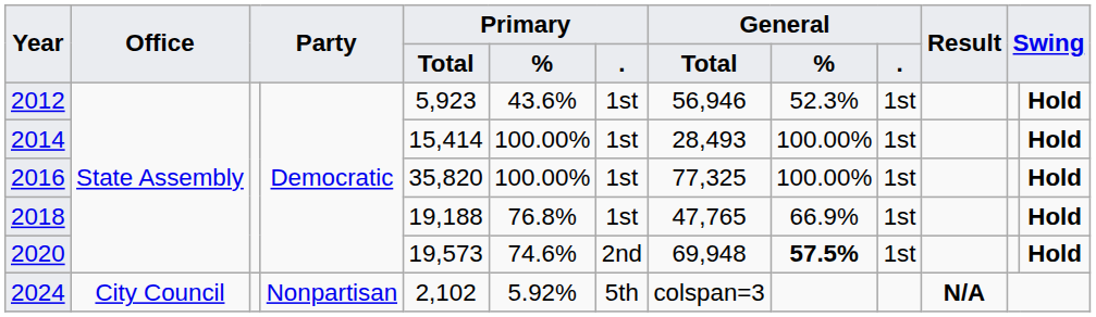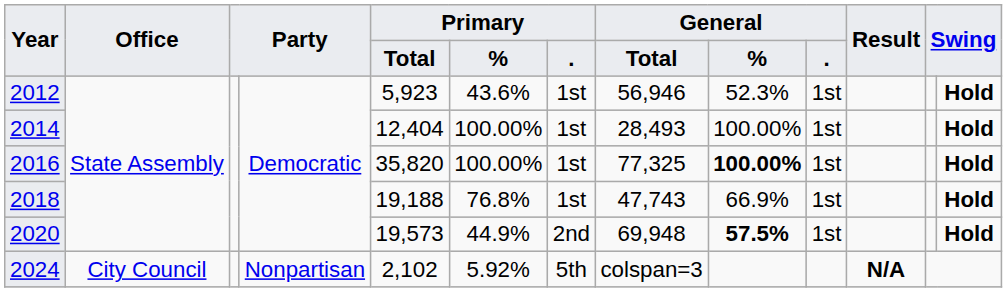 <table class="wikitable" style="font-size:90%; text-align:center;">
 <tr>
 <th style="background-color:#EAECF0;" rowspan=2>Year</th>
 <th style="background-color:#EAECF0;" rowspan=2>Office</th>
 <th style="background-color:#EAECF0;" colspan=2 rowspan=2>Party</th>
 <th style="background-color:#EAECF0;" colspan=3>Primary</th>
 <th style="background-color:#EAECF0;" colspan=3>General</th>
 <th style="background-color:#EAECF0;" rowspan=2>Result</th>
 <th style="background-color:#EAECF0;" colspan=2 rowspan=2><a href='#'>Swing</a></th>
 </tr>
 <tr>
 <th style="background-color:#EAECF0;">Total</th>
 <th style="background-color:#EAECF0;">%</th>
 <th style="background-color:#EAECF0;">.</th>
 <th style="background-color:#EAECF0;">Total</th>
 <th style="background-color:#EAECF0;">%</th>
 <th style="background-color:#EAECF0;">.</th>
 </tr>
 <tr>
 <td style="background-color:#EAECF0;"><a href='#'>2012</a></td>
 <td rowspan=5><a href='#'>State Assembly</a></td>
 <td rowspan=5 style="background-color:"></td>
 <td rowspan=5><a href='#'>Democratic</a></td>
 <td>5,923</td>
 <td>43.6%</td>
 <td>1st</td>
 <td>56,946</td>
 <td>52.3%</td>
 <td>1st</td>
 <td></td>
 <td style="background-color:"></td>
 <td><strong>Hold</strong></td>
 </tr>
 <tr>
 <td style="background-color:#EAECF0;"><a href='#'>2014</a></td>
-<td>15,414</td>
+<td>12,404</td>
 <td>100.00%</td>
 <td>1st</td>
 <td>28,493</td>
 <td>100.00%</td>
 <td>1st</td>
 <td></td>
 <td style="background-color:"></td>
 <td><strong>Hold</strong></td>
 </tr>
 <tr>
 <td style="background-color:#EAECF0;"><a href='#'>2016</a></td>
 <td>35,820</td>
 <td>100.00%</td>
 <td>1st</td>
 <td>77,325</td>
-<td>100.00%</td>
+<td><strong>100.00%</strong></td>
 <td>1st</td>
 <td></td>
 <td style="background-color:"></td>
 <td><strong>Hold</strong></td>
 </tr>
 <tr>
 <td style="background-color:#EAECF0;"><a href='#'>2018</a></td>
 <td>19,188</td>
 <td>76.8%</td>
 <td>1st</td>
-<td>47,765</td>
+<td>47,743</td>
 <td>66.9%</td>
 <td>1st</td>
 <td></td>
 <td style="background-color:"></td>
 <td><strong>Hold</strong></td>
 </tr>
 <tr>
 <td style="background-color:#EAECF0;"><a href='#'>2020</a></td>
 <td>19,573</td>
-<td>74.6%</td>
+<td>44.9%</td>
 <td>2nd</td>
 <td>69,948</td>
 <td><strong>57.5%</strong></td>
 <td>1st</td>
 <td></td>
 <td style="background-color:"></td>
 <td><strong>Hold</strong></td>
 </tr>
 <tr>
 <td style="background-color:#EAECF0;"><a href='#'>2024</a></td>
 <td><a href='#'>City Council</a></td>
 <td style="background-color:"></td>
 <td><a href='#'>Nonpartisan</a></td>
 <td>2,102</td>
 <td>5.92%</td>
 <td>5th</td>
 <td>colspan=3 </td>
 <td></td>
 <td style="background-color:"></td>
 <td><strong>N/A</strong></td>
 </tr>
 </table>
